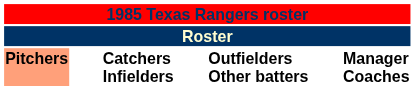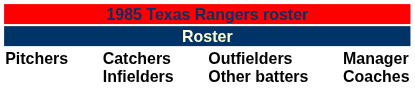 <table class="toccolours" style="font-size: 95%;">
 <tr>
 <th colspan="10" style="background-color: red; color: #003366; text-align: center;">1985 Texas Rangers roster</th>
 </tr>
 <tr>
 <td colspan="10" style="background-color: #003366; color: #FFFDD0; text-align: center;"><strong>Roster</strong></td>
 </tr>
 <tr>
-<td valign="top" style="background: lightsalmon;"><strong>Pitchers</strong><br>                   </td>
+<td valign="top"><strong>Pitchers</strong><br>                   </td>
 <td width="25px"></td>
 <td valign="top"><strong>Catchers</strong><br>    <strong>Infielders</strong>        </td>
 <td width="25px"></td>
 <td valign="top"><strong>Outfielders</strong><br>        <strong>Other batters</strong>   </td>
 <td width="25px"></td>
 <td valign="top"><strong>Manager</strong><br>  <strong>Coaches</strong>     </td>
 </tr>
 <tr>
 </tr>
 </table>
